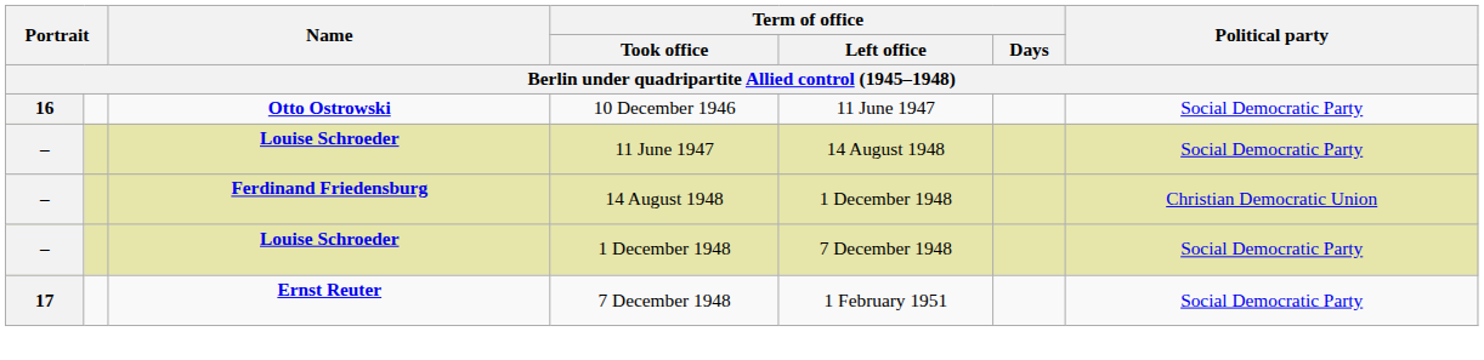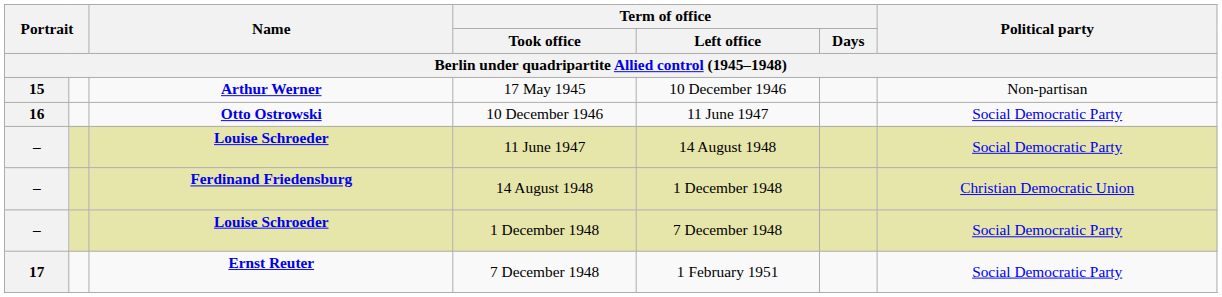 <table class="wikitable" style="text-align:center; width:100%; border:1px #AAAAFF solid">
 <tr>
 <th width=80px rowspan=2 colspan=2>Portrait</th>
 <th width=30% rowspan=2>Name<br></th>
 <th width=35% colspan=3>Term of office</th>
 <th width=28% rowspan=2>Political party</th>
 </tr>
 <tr>
 <th>Took office</th>
 <th>Left office</th>
 <th>Days</th>
 </tr>
 <tr>
 <th colspan="7">Berlin under quadripartite <a href='#'>Allied control</a> (1945–1948)</th>
+</tr>
+<tr>
+<th style="background:">15</th>
+<td></td>
+<td><strong><a href='#'>Arthur Werner</a></strong><br></td>
+<td>17 May 1945</td>
+<td>10 December 1946</td>
+<td></td>
+<td>Non-partisan</td>
 </tr>
 <tr>
 <th style="background:">16</th>
 <td></td>
 <td><strong><a href='#'>Otto Ostrowski</a></strong><br></td>
 <td>10 December 1946</td>
 <td>11 June 1947</td>
 <td></td>
 <td><a href='#'>Social Democratic Party</a></td>
 </tr>
 <tr style="background-color: #E6E6AA" |>
 <th style="background:">–</th>
 <td></td>
 <td><strong><a href='#'>Louise Schroeder</a></strong><br><br></td>
 <td>11 June 1947</td>
 <td>14 August 1948</td>
 <td></td>
 <td><a href='#'>Social Democratic Party</a></td>
 </tr>
 <tr style="background-color: #E6E6AA" |>
 <th style="background:">–</th>
 <td></td>
 <td><strong><a href='#'>Ferdinand Friedensburg</a></strong><br> <br></td>
 <td>14 August 1948</td>
 <td>1 December 1948</td>
 <td></td>
 <td><a href='#'>Christian Democratic Union</a></td>
 </tr>
 <tr style="background-color: #E6E6AA" |>
 <th style="background:">–</th>
 <td></td>
 <td><strong><a href='#'>Louise Schroeder</a></strong><br><br></td>
 <td>1 December 1948</td>
 <td>7 December 1948</td>
 <td></td>
 <td><a href='#'>Social Democratic Party</a></td>
 </tr>
 <tr>
 <th style="background:">17</th>
 <td></td>
 <td><strong><a href='#'>Ernst Reuter</a></strong><br><br></td>
 <td>7 December 1948</td>
 <td>1 February 1951</td>
 <td></td>
 <td><a href='#'>Social Democratic Party</a></td>
 </tr>
 </table>
